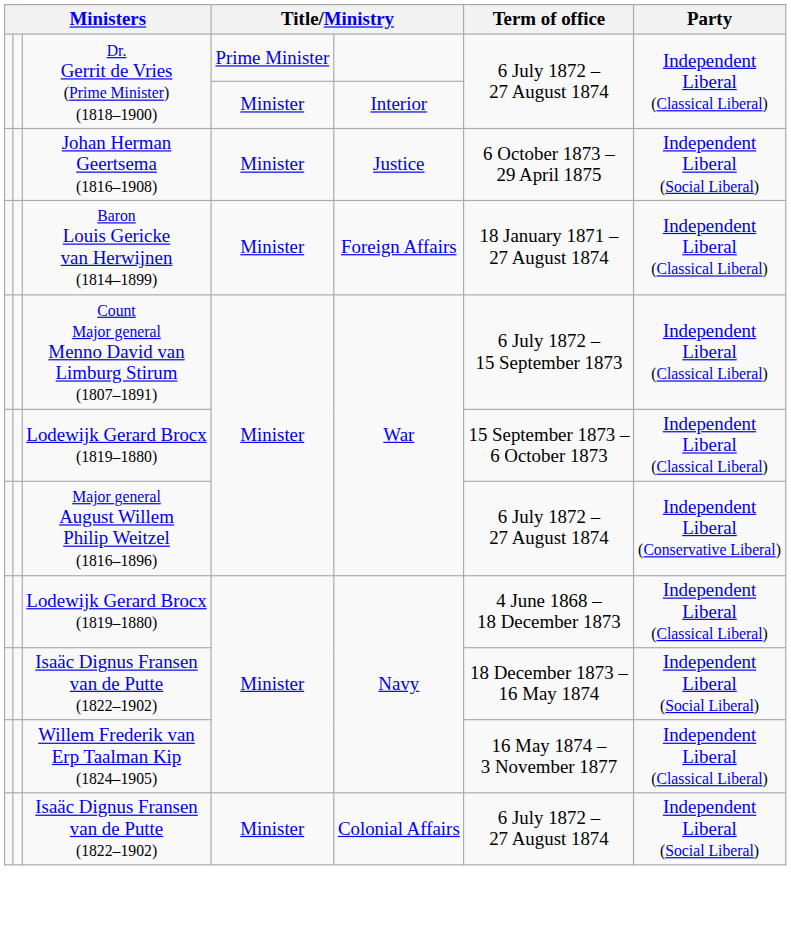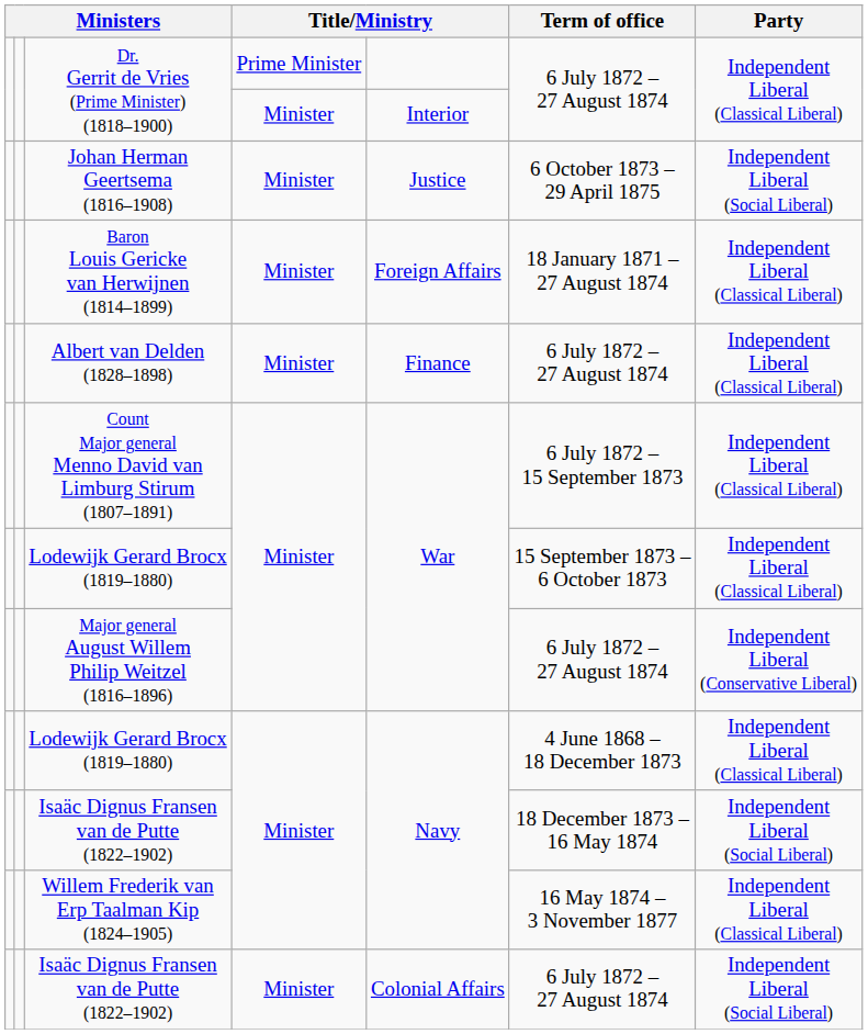 <table class="wikitable" style="text-align:center">
 <tr>
 <th colspan=3><a href='#'>Ministers</a></th>
 <th colspan=2>Title/<a href='#'>Ministry</a></th>
 <th>Term of office</th>
 <th>Party</th>
 </tr>
 <tr>
 <td rowspan=2 style="background:"></td>
 <td rowspan=2></td>
 <td rowspan=2><small><a href='#'>Dr.</a></small> <br> <a href='#'>Gerrit de Vries</a> <br> <small>(<a href='#'>Prime Minister</a>)</small> <br> <small>(1818–1900)</small></td>
 <td><a href='#'>Prime Minister</a></td>
 <td></td>
 <td rowspan=2>6 July 1872 – <br> 27 August 1874</td>
 <td rowspan=2><a href='#'>Independent <br> Liberal</a> <br> <small>(<a href='#'>Classical Liberal</a>)</small></td>
 </tr>
 <tr>
 <td><a href='#'>Minister</a></td>
 <td><a href='#'>Interior</a></td>
 </tr>
 <tr>
 <td style="background:"></td>
 <td></td>
 <td><a href='#'>Johan Herman <br> Geertsema</a> <br> <small>(1816–1908)</small></td>
 <td><a href='#'>Minister</a></td>
 <td><a href='#'>Justice</a></td>
 <td>6 October 1873 – <br> 29 April 1875</td>
 <td><a href='#'>Independent <br> Liberal</a> <br> <small>(<a href='#'>Social Liberal</a>)</small></td>
 </tr>
 <tr>
 <td style="background:"></td>
 <td></td>
 <td><small><a href='#'>Baron</a></small> <br> <a href='#'>Louis Gericke <br> van Herwijnen</a> <br> <small>(1814–1899)</small></td>
 <td><a href='#'>Minister</a></td>
 <td><a href='#'>Foreign Affairs</a></td>
 <td>18 January 1871 – <br> 27 August 1874 <br> </td>
+<td><a href='#'>Independent <br> Liberal</a> <br> <small>(<a href='#'>Classical Liberal</a>)</small></td>
+</tr>
+<tr>
+<td style="background:"></td>
+<td></td>
+<td><a href='#'>Albert van Delden</a> <br> <small>(1828–1898)</small></td>
+<td><a href='#'>Minister</a></td>
+<td><a href='#'>Finance</a></td>
+<td>6 July 1872 – <br> 27 August 1874</td>
 <td><a href='#'>Independent <br> Liberal</a> <br> <small>(<a href='#'>Classical Liberal</a>)</small></td>
 </tr>
 <tr>
 <td style="background:"></td>
 <td></td>
 <td><small><a href='#'>Count</a></small> <br> <small><a href='#'>Major general</a></small> <br> <a href='#'>Menno David van <br> Limburg Stirum</a> <br> <small>(1807–1891)</small></td>
 <td rowspan=3><a href='#'>Minister</a></td>
 <td rowspan=3><a href='#'>War</a></td>
 <td>6 July 1872 – <br> 15 September 1873 <br> </td>
 <td><a href='#'>Independent <br> Liberal</a> <br> <small>(<a href='#'>Classical Liberal</a>)</small></td>
 </tr>
 <tr>
 <td style="background:"></td>
 <td></td>
 <td><a href='#'>Lodewijk Gerard Brocx</a> <br> <small>(1819–1880)</small></td>
 <td>15 September 1873 – <br> 6 October 1873 <br> </td>
 <td><a href='#'>Independent <br> Liberal</a> <br> <small>(<a href='#'>Classical Liberal</a>)</small></td>
 </tr>
 <tr>
 <td style="background:"></td>
 <td></td>
 <td><small><a href='#'>Major general</a></small> <br> <a href='#'>August Willem <br> Philip Weitzel</a> <br> <small>(1816–1896)</small></td>
 <td>6 July 1872 – <br> 27 August 1874</td>
 <td><a href='#'>Independent <br> Liberal</a> <br> <small>(<a href='#'>Conservative Liberal</a>)</small></td>
 </tr>
 <tr>
 <td style="background:"></td>
 <td></td>
 <td><a href='#'>Lodewijk Gerard Brocx</a> <br> <small>(1819–1880)</small></td>
 <td rowspan=3><a href='#'>Minister</a></td>
 <td rowspan=3><a href='#'>Navy</a></td>
 <td>4 June 1868 – <br> 18 December 1873 <br>  </td>
 <td><a href='#'>Independent <br> Liberal</a> <br> <small>(<a href='#'>Classical Liberal</a>)</small></td>
 </tr>
 <tr>
 <td style="background:"></td>
 <td></td>
 <td><a href='#'>Isaäc Dignus Fransen <br> van de Putte</a> <br> <small>(1822–1902)</small></td>
 <td>18 December 1873 – <br> 16 May 1874 <br> </td>
 <td><a href='#'>Independent <br> Liberal</a> <br> <small>(<a href='#'>Social Liberal</a>)</small></td>
 </tr>
 <tr>
 <td style="background:"></td>
 <td></td>
 <td><a href='#'>Willem Frederik van <br> Erp Taalman Kip</a> <br> <small>(1824–1905)</small></td>
 <td>16 May 1874 – <br> 3 November 1877</td>
 <td><a href='#'>Independent <br> Liberal</a> <br> <small>(<a href='#'>Classical Liberal</a>)</small></td>
 </tr>
 <tr>
 <td style="background:"></td>
 <td></td>
 <td><a href='#'>Isaäc Dignus Fransen <br> van de Putte</a> <br> <small>(1822–1902)</small></td>
 <td><a href='#'>Minister</a></td>
 <td><a href='#'>Colonial Affairs</a></td>
 <td>6 July 1872 – <br> 27 August 1874</td>
 <td><a href='#'>Independent <br> Liberal</a> <br> <small>(<a href='#'>Social Liberal</a>)</small></td>
 </tr>
 </table>
